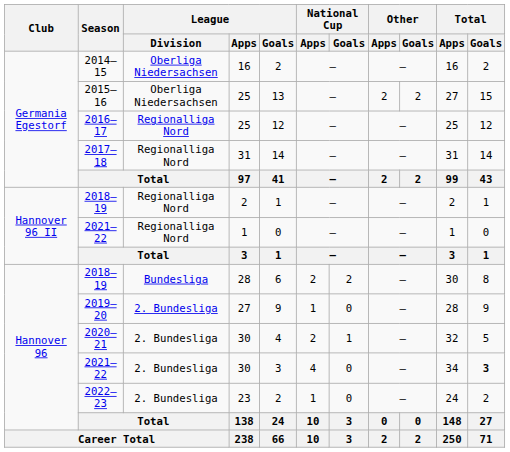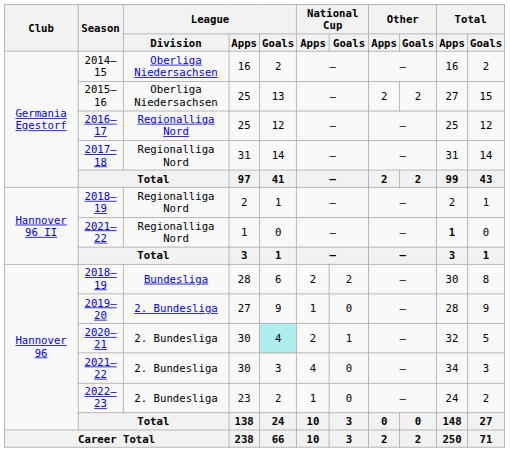 <table class="wikitable" Style="text-align: center">
 <tr>
 <th rowspan="2">Club</th>
 <th rowspan="2">Season</th>
 <th colspan="3">League</th>
 <th colspan="2">National Cup</th>
 <th colspan="2">Other</th>
 <th colspan="2">Total</th>
 </tr>
 <tr>
 <th>Division</th>
 <th>Apps</th>
 <th>Goals</th>
 <th>Apps</th>
 <th>Goals</th>
 <th>Apps</th>
 <th>Goals</th>
 <th>Apps</th>
 <th>Goals</th>
 </tr>
 <tr>
 <td rowspan="5"><a href='#'>Germania Egestorf</a></td>
 <td>2014–15</td>
 <td><a href='#'>Oberliga Niedersachsen</a></td>
 <td>16</td>
 <td>2</td>
 <td colspan="2">—</td>
 <td colspan="2">—</td>
 <td>16</td>
 <td>2</td>
 </tr>
 <tr>
 <td>2015–16</td>
 <td>Oberliga Niedersachsen</td>
 <td>25</td>
 <td>13</td>
 <td colspan="2">—</td>
 <td>2</td>
 <td>2</td>
 <td>27</td>
 <td>15</td>
 </tr>
 <tr>
 <td><a href='#'>2016–17</a></td>
 <td><a href='#'>Regionalliga Nord</a></td>
 <td>25</td>
 <td>12</td>
 <td colspan="2">—</td>
 <td colspan="2">—</td>
 <td>25</td>
 <td>12</td>
 </tr>
 <tr>
 <td><a href='#'>2017–18</a></td>
 <td>Regionalliga Nord</td>
 <td>31</td>
 <td>14</td>
 <td colspan="2">—</td>
 <td colspan="2">—</td>
 <td>31</td>
 <td>14</td>
 </tr>
 <tr>
 <th colspan="2">Total</th>
 <th>97</th>
 <th>41</th>
 <th colspan="2">—</th>
 <th>2</th>
 <th>2</th>
 <th>99</th>
 <th>43</th>
 </tr>
 <tr>
 <td rowspan="3"><a href='#'>Hannover 96 II</a></td>
 <td><a href='#'>2018–19</a></td>
 <td>Regionalliga Nord</td>
 <td>2</td>
 <td>1</td>
 <td colspan="2">—</td>
 <td colspan="2">—</td>
 <td>2</td>
 <td>1</td>
 </tr>
 <tr>
 <td><a href='#'>2021–22</a></td>
 <td>Regionalliga Nord</td>
 <td>1</td>
 <td>0</td>
 <td colspan="2">—</td>
 <td colspan="2">—</td>
-<td>1</td>
+<td><strong>1</strong></td>
 <td>0</td>
 </tr>
 <tr>
 <th colspan="2">Total</th>
 <th>3</th>
 <th>1</th>
 <th colspan="2">—</th>
 <th colspan="2">—</th>
 <th>3</th>
 <th>1</th>
 </tr>
 <tr>
 <td rowspan="6"><a href='#'>Hannover 96</a></td>
 <td><a href='#'>2018–19</a></td>
 <td><a href='#'>Bundesliga</a></td>
 <td>28</td>
 <td>6</td>
 <td>2</td>
 <td>2</td>
 <td colspan="2">—</td>
 <td>30</td>
 <td>8</td>
 </tr>
 <tr>
 <td><a href='#'>2019–20</a></td>
 <td><a href='#'>2. Bundesliga</a></td>
 <td>27</td>
 <td>9</td>
 <td>1</td>
 <td>0</td>
 <td colspan="2">—</td>
 <td>28</td>
 <td>9</td>
 </tr>
 <tr>
 <td><a href='#'>2020–21</a></td>
 <td>2. Bundesliga</td>
 <td>30</td>
-<td>4</td>
+<td style="background: paleturquoise;">4</td>
 <td>2</td>
 <td>1</td>
 <td colspan="2">—</td>
 <td>32</td>
 <td>5</td>
 </tr>
 <tr>
 <td><a href='#'>2021–22</a></td>
 <td>2. Bundesliga</td>
 <td>30</td>
 <td>3</td>
 <td>4</td>
 <td>0</td>
 <td colspan="2">—</td>
 <td>34</td>
-<td><strong>3</strong></td>
+<td>3</td>
 </tr>
 <tr>
 <td><a href='#'>2022–23</a></td>
 <td>2. Bundesliga</td>
 <td>23</td>
 <td>2</td>
 <td>1</td>
 <td>0</td>
 <td colspan="2">—</td>
 <td>24</td>
 <td>2</td>
 </tr>
 <tr>
 <th colspan="2">Total</th>
 <th>138</th>
 <th>24</th>
 <th>10</th>
 <th>3</th>
 <th>0</th>
 <th>0</th>
 <th>148</th>
 <th>27</th>
 </tr>
 <tr>
 <th colspan="3">Career Total</th>
 <th>238</th>
 <th>66</th>
 <th>10</th>
 <th>3</th>
 <th>2</th>
 <th>2</th>
 <th>250</th>
 <th>71</th>
 </tr>
 </table>
